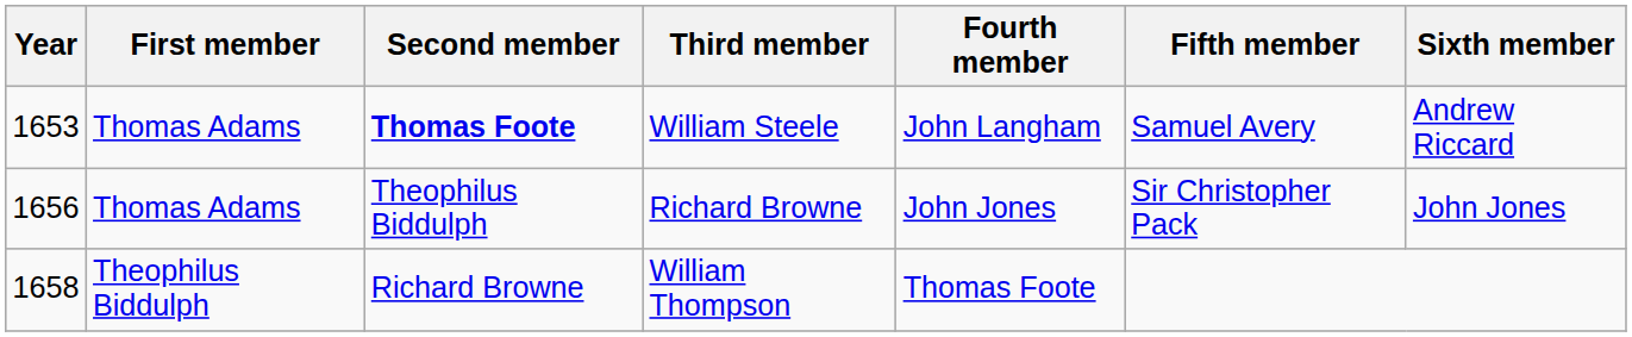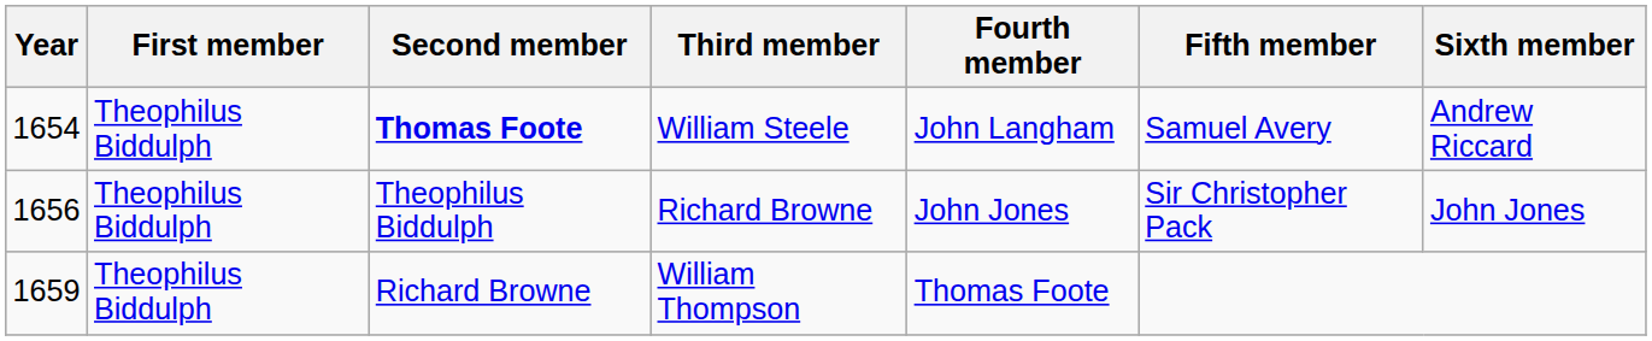 <table class="wikitable">
 <tr>
 <th>Year</th>
 <th>First member</th>
 <th>Second member</th>
 <th>Third member</th>
 <th>Fourth member</th>
 <th>Fifth member</th>
 <th>Sixth member</th>
 </tr>
 <tr>
-<td>1653</td>
-<td><a href='#'>Thomas Adams</a></td>
+<td>1654</td>
+<td><a href='#'>Theophilus Biddulph</a></td>
 <td><strong><a href='#'>Thomas Foote</a></strong></td>
 <td><a href='#'>William Steele</a></td>
 <td><a href='#'>John Langham</a></td>
 <td><a href='#'>Samuel Avery</a></td>
 <td><a href='#'>Andrew Riccard</a></td>
 </tr>
 <tr>
 <td>1656</td>
-<td><a href='#'>Thomas Adams</a></td>
+<td><a href='#'>Theophilus Biddulph</a></td>
 <td><a href='#'>Theophilus Biddulph</a></td>
 <td><a href='#'>Richard Browne</a></td>
 <td><a href='#'>John Jones</a></td>
 <td><a href='#'>Sir Christopher Pack</a></td>
 <td><a href='#'>John Jones</a></td>
 </tr>
 <tr>
-<td>1658</td>
+<td>1659</td>
 <td><a href='#'>Theophilus Biddulph</a></td>
 <td><a href='#'>Richard Browne</a></td>
 <td><a href='#'>William Thompson</a></td>
 <td><a href='#'>Thomas Foote</a></td>
 </tr>
 </table>
